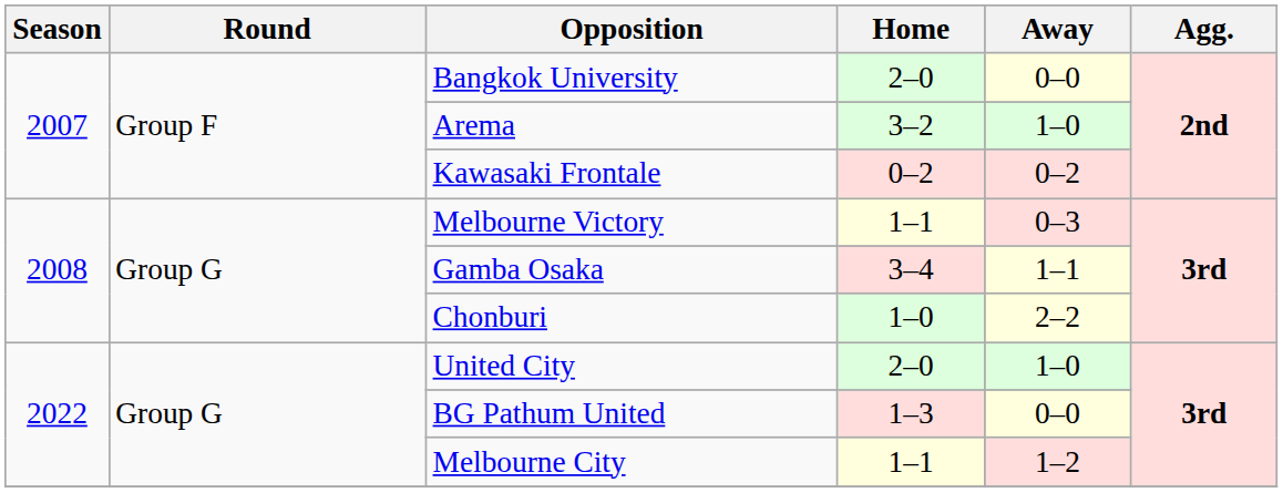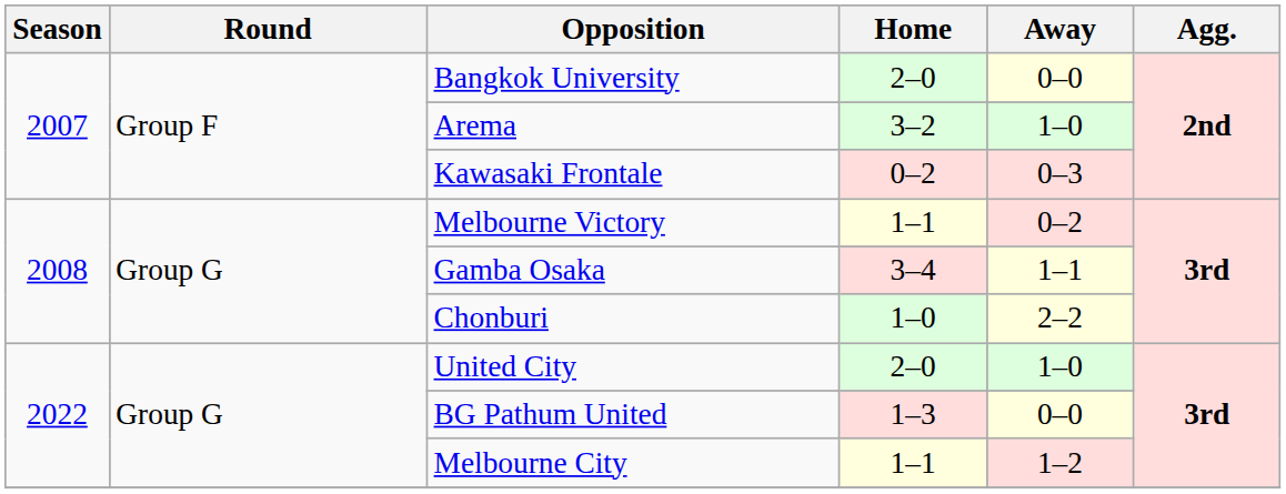 <table class="wikitable" style="text-align:left">
 <tr>
 <th>Season</th>
 <th width="160">Round</th>
 <th width="210">Opposition</th>
 <th width="70">Home</th>
 <th width="70">Away</th>
 <th width="70">Agg.</th>
 </tr>
 <tr>
 <td rowspan="3" style="text-align:center;"><a href='#'>2007</a></td>
 <td rowspan="3">Group F</td>
 <td> <a href='#'>Bangkok University</a></td>
 <td style="text-align:center; background:#DDFFDD;">2–0</td>
 <td style="text-align:center; background:#FFFFDD;">0–0</td>
 <td rowspan="3" style="text-align:center; background:#FFDDDD;"><strong>2nd</strong></td>
 </tr>
 <tr>
 <td> <a href='#'>Arema</a></td>
 <td style="text-align:center; background:#DDFFDD;">3–2</td>
 <td style="text-align:center; background:#DDFFDD;">1–0</td>
 </tr>
 <tr>
 <td> <a href='#'>Kawasaki Frontale</a></td>
 <td style="text-align:center; background:#FFDDDD;">0–2</td>
-<td style="text-align:center; background:#FFDDDD;">0–2</td>
+<td style="text-align:center; background:#FFDDDD;">0–3</td>
 </tr>
 <tr>
 <td rowspan="3" style="text-align:center;"><a href='#'>2008</a></td>
 <td rowspan="3">Group G</td>
 <td> <a href='#'>Melbourne Victory</a></td>
 <td style="text-align:center; background:#FFFFDD;">1–1</td>
-<td style="text-align:center; background:#FFDDDD;">0–3</td>
+<td style="text-align:center; background:#FFDDDD;">0–2</td>
 <td rowspan="3" style="text-align:center; background:#FFDDDD;"><strong>3rd</strong></td>
 </tr>
 <tr>
 <td> <a href='#'>Gamba Osaka</a></td>
 <td style="text-align:center; background:#FFDDDD;">3–4</td>
 <td style="text-align:center; background:#FFFFDD;">1–1</td>
 </tr>
 <tr>
 <td> <a href='#'>Chonburi</a></td>
 <td style="text-align:center; background:#DDFFDD;">1–0</td>
 <td style="text-align:center; background:#FFFFDD;">2–2</td>
 </tr>
 <tr>
 <td rowspan="3" style="text-align:center;"><a href='#'>2022</a></td>
 <td rowspan="3">Group G</td>
 <td> <a href='#'>United City</a></td>
 <td style="text-align:center; background:#DDFFDD;">2–0</td>
 <td style="text-align:center; background:#DDFFDD;">1–0</td>
 <td rowspan="3" style="text-align:center; background:#FFDDDD;"><strong>3rd</strong></td>
 </tr>
 <tr>
 <td> <a href='#'>BG Pathum United</a></td>
 <td style="text-align:center; background:#FFDDDD;">1–3</td>
 <td style="text-align:center; background:#FFFFDD;">0–0</td>
 </tr>
 <tr>
 <td> <a href='#'>Melbourne City</a></td>
 <td style="text-align:center; background:#FFFFDD;">1–1</td>
 <td style="text-align:center; background:#FFDDDD;">1–2</td>
 </tr>
 <tr>
 </tr>
 </table>
